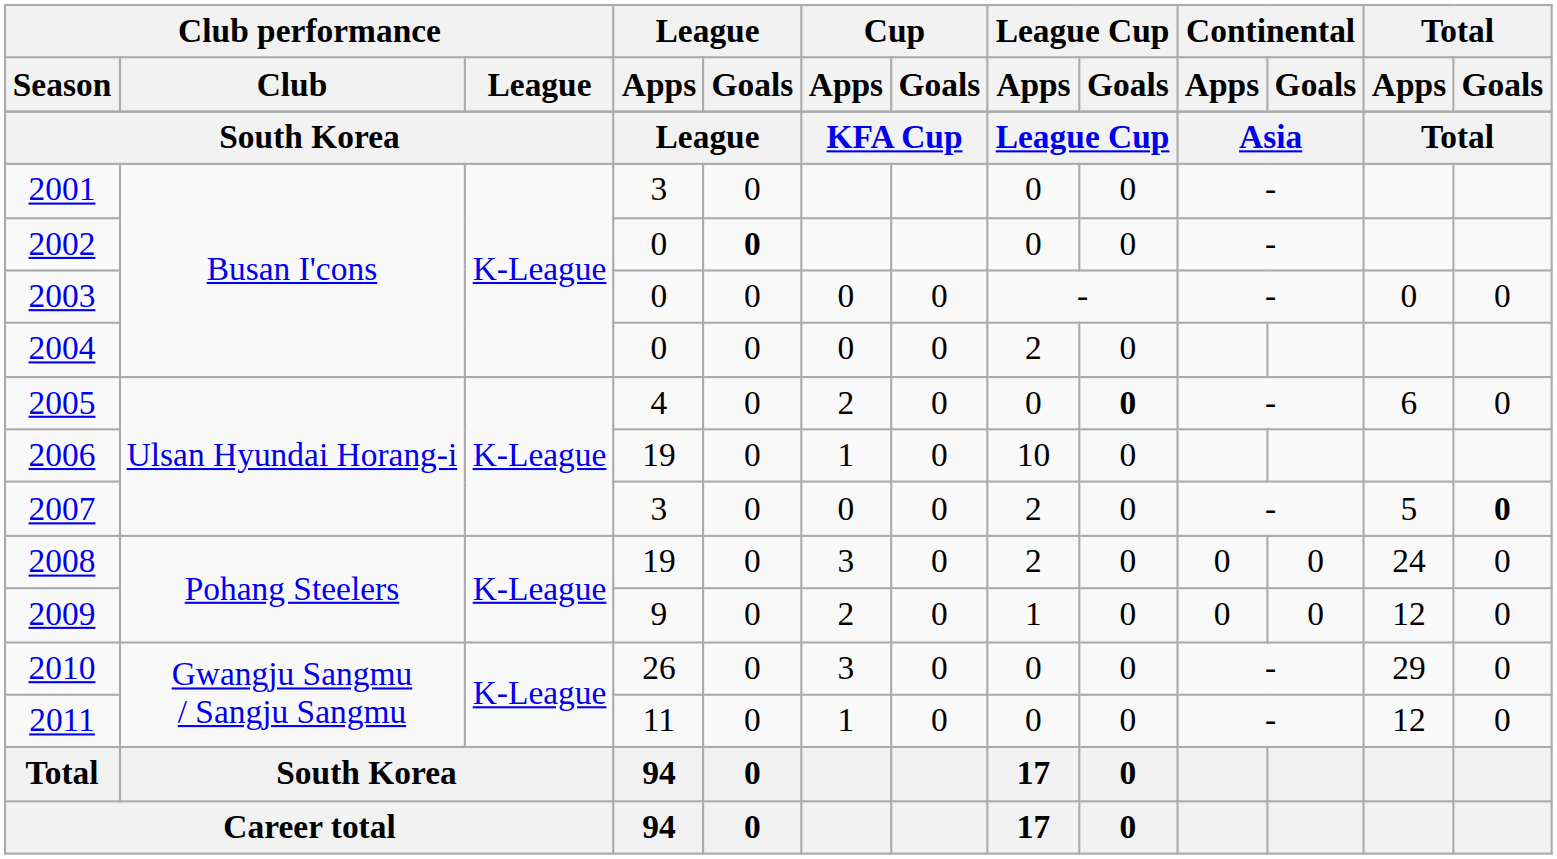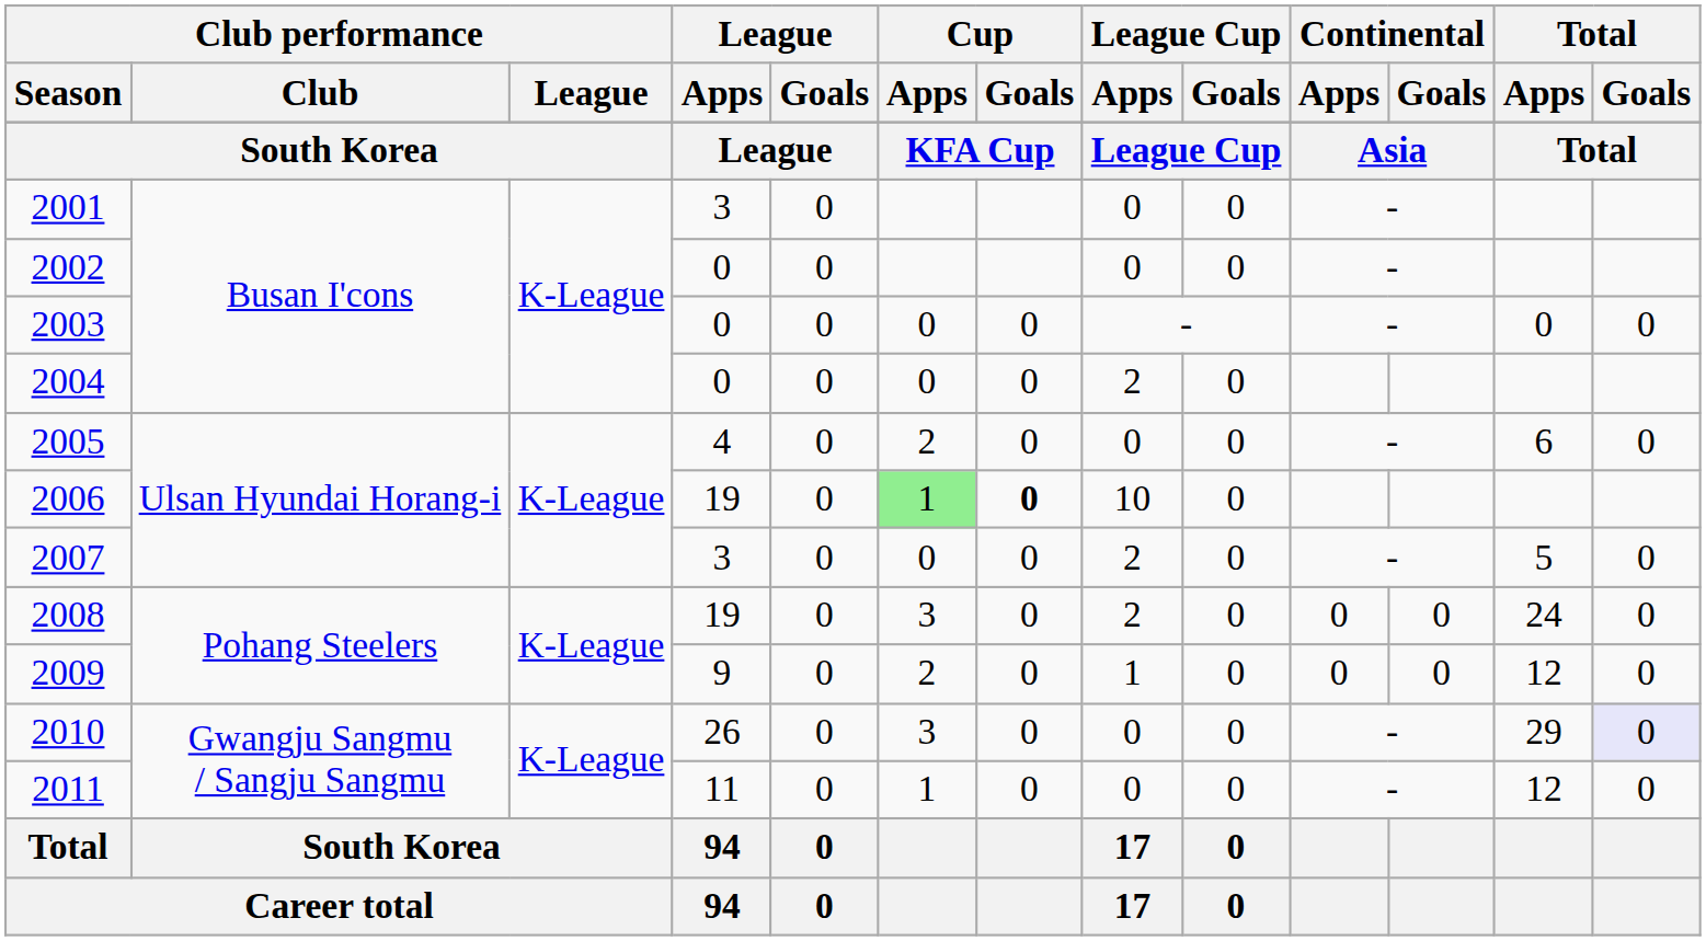 <table class="wikitable" style="text-align:center">
 <tr>
 <th colspan=3>Club performance</th>
 <th colspan=2>League</th>
 <th colspan=2>Cup</th>
 <th colspan=2>League Cup</th>
 <th colspan=2>Continental</th>
 <th colspan=2>Total</th>
 </tr>
 <tr>
 <th>Season</th>
 <th>Club</th>
 <th>League</th>
 <th>Apps</th>
 <th>Goals</th>
 <th>Apps</th>
 <th>Goals</th>
 <th>Apps</th>
 <th>Goals</th>
 <th>Apps</th>
 <th>Goals</th>
 <th>Apps</th>
 <th>Goals</th>
 </tr>
 <tr>
 </tr>
 <tr>
 <th colspan=3>South Korea</th>
 <th colspan=2>League</th>
 <th colspan=2><a href='#'>KFA Cup</a></th>
 <th colspan=2><a href='#'>League Cup</a></th>
 <th colspan=2><a href='#'>Asia</a></th>
 <th colspan=2>Total</th>
 </tr>
 <tr>
 <td><a href='#'>2001</a></td>
 <td rowspan="4"><a href='#'>Busan I'cons</a></td>
 <td rowspan="4"><a href='#'>K-League</a></td>
 <td>3</td>
 <td>0</td>
 <td></td>
 <td></td>
 <td>0</td>
 <td>0</td>
 <td colspan="2">-</td>
 <td></td>
 <td></td>
 </tr>
 <tr>
 <td><a href='#'>2002</a></td>
 <td>0</td>
-<td><strong>0</strong></td>
+<td>0</td>
 <td></td>
 <td></td>
 <td>0</td>
 <td>0</td>
 <td colspan="2">-</td>
 <td></td>
 <td></td>
 </tr>
 <tr>
 <td><a href='#'>2003</a></td>
 <td>0</td>
 <td>0</td>
 <td>0</td>
 <td>0</td>
 <td colspan="2">-</td>
 <td colspan="2">-</td>
 <td>0</td>
 <td>0</td>
 </tr>
 <tr>
 <td><a href='#'>2004</a></td>
 <td>0</td>
 <td>0</td>
 <td>0</td>
 <td>0</td>
 <td>2</td>
 <td>0</td>
 <td></td>
 <td></td>
 <td></td>
 <td></td>
 </tr>
 <tr>
 <td><a href='#'>2005</a></td>
 <td rowspan="3"><a href='#'>Ulsan Hyundai Horang-i</a></td>
 <td rowspan="3"><a href='#'>K-League</a></td>
 <td>4</td>
 <td>0</td>
 <td>2</td>
 <td>0</td>
 <td>0</td>
-<td><strong>0</strong></td>
+<td>0</td>
 <td colspan="2">-</td>
 <td>6</td>
 <td>0</td>
 </tr>
 <tr>
 <td><a href='#'>2006</a></td>
 <td>19</td>
 <td>0</td>
-<td>1</td>
-<td>0</td>
+<td style="background: lightgreen;">1</td>
+<td><strong>0</strong></td>
 <td>10</td>
 <td>0</td>
 <td></td>
 <td></td>
 <td></td>
 <td></td>
 </tr>
 <tr>
 <td><a href='#'>2007</a></td>
 <td>3</td>
 <td>0</td>
 <td>0</td>
 <td>0</td>
 <td>2</td>
 <td>0</td>
 <td colspan="2">-</td>
 <td>5</td>
-<td><strong>0</strong></td>
+<td>0</td>
 </tr>
 <tr>
 <td><a href='#'>2008</a></td>
 <td rowspan="2"><a href='#'>Pohang Steelers</a></td>
 <td rowspan="2"><a href='#'>K-League</a></td>
 <td>19</td>
 <td>0</td>
 <td>3</td>
 <td>0</td>
 <td>2</td>
 <td>0</td>
 <td>0</td>
 <td>0</td>
 <td>24</td>
 <td>0</td>
 </tr>
 <tr>
 <td><a href='#'>2009</a></td>
 <td>9</td>
 <td>0</td>
 <td>2</td>
 <td>0</td>
 <td>1</td>
 <td>0</td>
 <td>0</td>
 <td>0</td>
 <td>12</td>
 <td>0</td>
 </tr>
 <tr>
 <td><a href='#'>2010</a></td>
 <td rowspan="2"><a href='#'>Gwangju Sangmu <br>/ Sangju Sangmu</a></td>
 <td rowspan="2"><a href='#'>K-League</a></td>
 <td>26</td>
 <td>0</td>
 <td>3</td>
 <td>0</td>
 <td>0</td>
 <td>0</td>
 <td colspan="2">-</td>
 <td>29</td>
-<td>0</td>
+<td style="background: lavender;">0</td>
 </tr>
 <tr>
 <td><a href='#'>2011</a></td>
 <td>11</td>
 <td>0</td>
 <td>1</td>
 <td>0</td>
 <td>0</td>
 <td>0</td>
 <td colspan="2">-</td>
 <td>12</td>
 <td>0</td>
 </tr>
 <tr>
 <th rowspan=1>Total</th>
 <th colspan=2>South Korea</th>
 <th>94</th>
 <th>0</th>
 <th></th>
 <th></th>
 <th>17</th>
 <th>0</th>
 <th></th>
 <th></th>
 <th></th>
 <th></th>
 </tr>
 <tr>
 <th colspan=3>Career total</th>
 <th>94</th>
 <th>0</th>
 <th></th>
 <th></th>
 <th>17</th>
 <th>0</th>
 <th></th>
 <th></th>
 <th></th>
 <th></th>
 </tr>
 </table>
